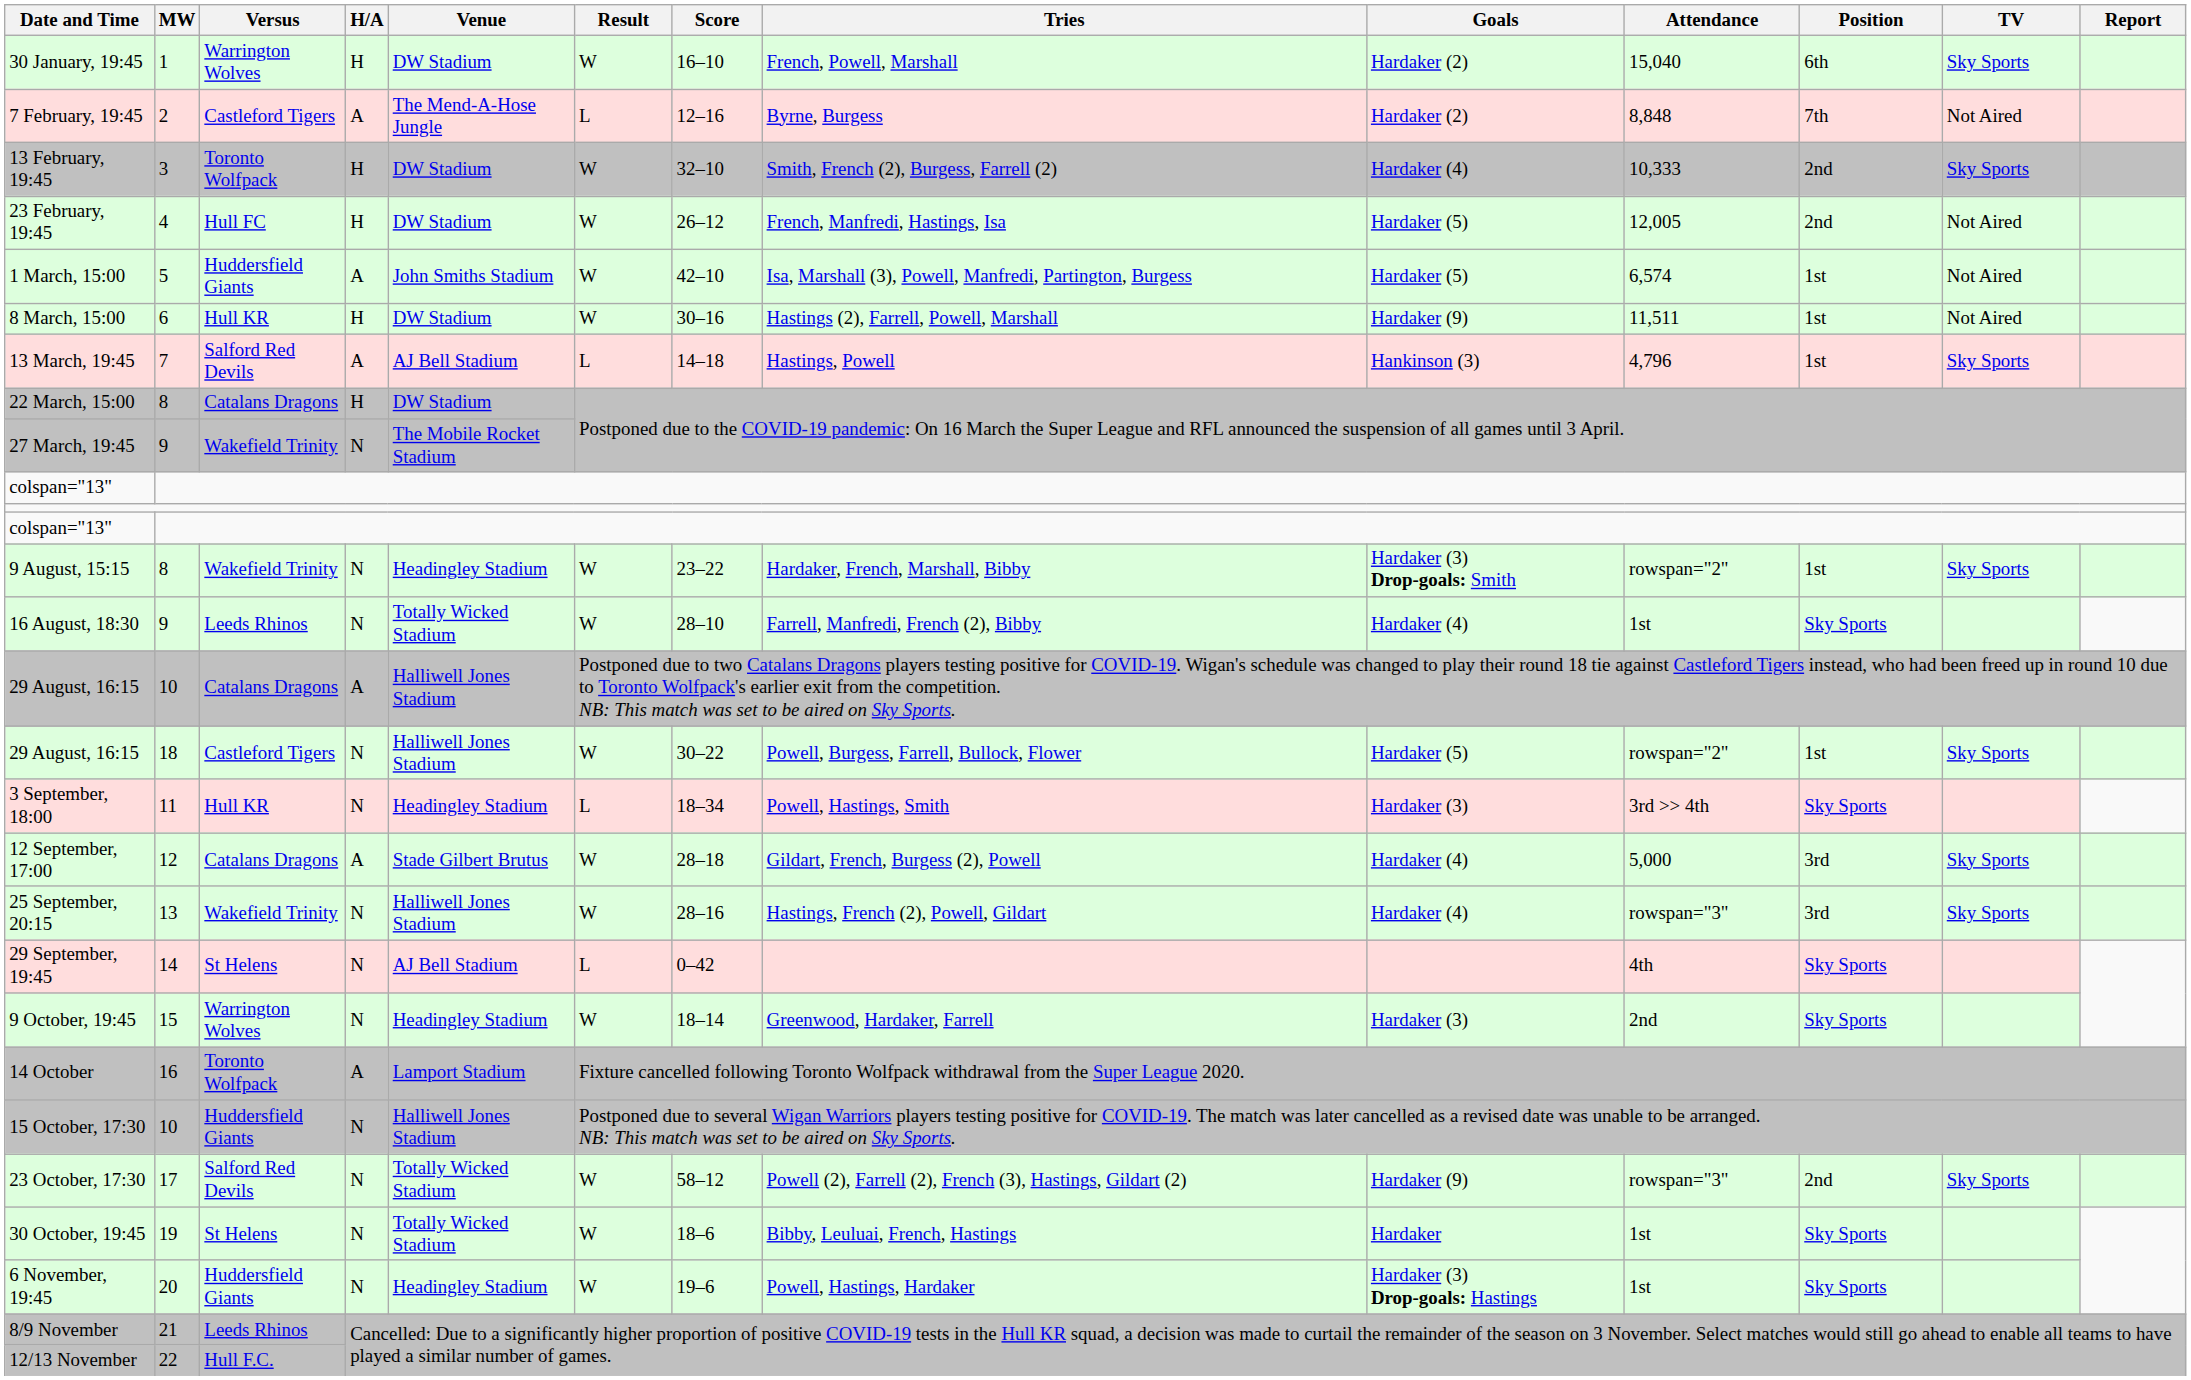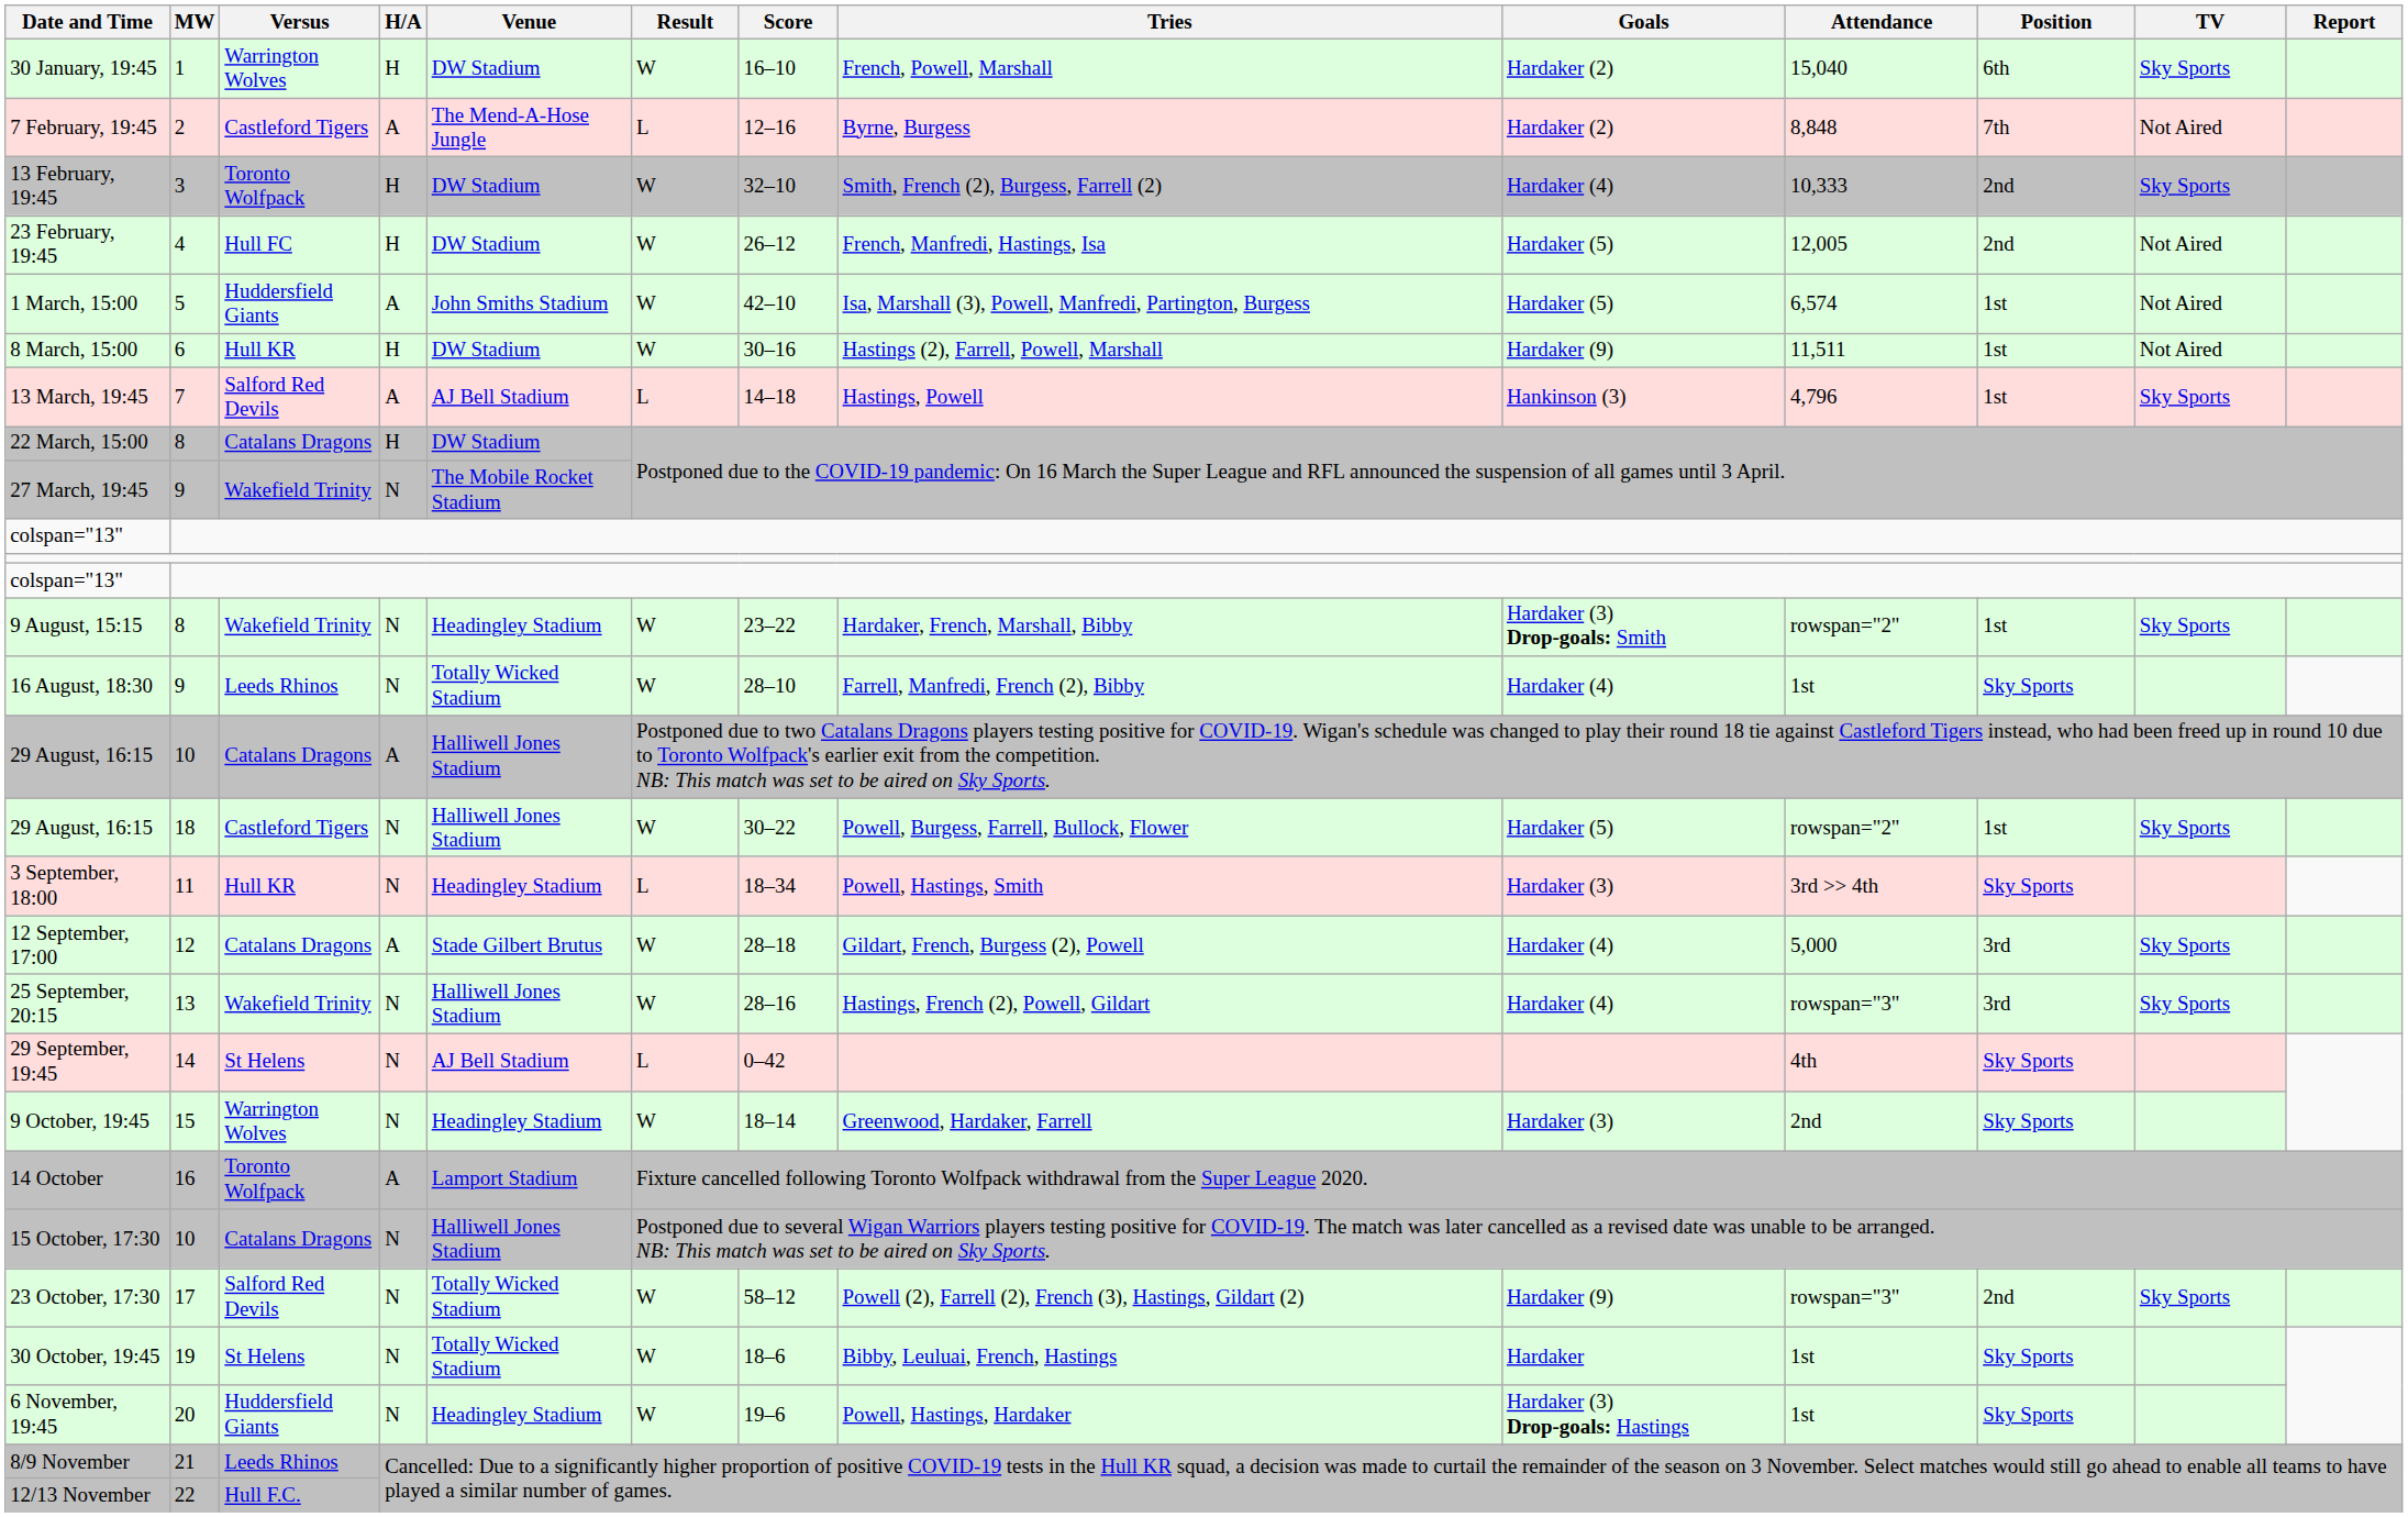 <table class="wikitable" style="font-size:85%;">
 <tr>
 <th>Date and Time</th>
 <th>MW</th>
 <th>Versus</th>
 <th>H/A</th>
 <th>Venue</th>
 <th>Result</th>
 <th>Score</th>
 <th>Tries</th>
 <th>Goals</th>
 <th>Attendance</th>
 <th>Position</th>
 <th>TV</th>
 <th>Report</th>
 </tr>
 <tr style="background:#ddffdd;" width=20 | >
 <td>30 January, 19:45</td>
 <td>1</td>
 <td> <a href='#'>Warrington Wolves</a></td>
 <td>H</td>
 <td><a href='#'>DW Stadium</a></td>
 <td>W</td>
 <td>16–10</td>
 <td><a href='#'>French</a>, <a href='#'>Powell</a>, <a href='#'>Marshall</a></td>
 <td><a href='#'>Hardaker</a> (2)</td>
 <td>15,040</td>
 <td>6th</td>
 <td><a href='#'>Sky Sports</a></td>
 <td></td>
 </tr>
 <tr style="background:#ffdddd;">
 <td>7 February, 19:45</td>
 <td>2</td>
 <td> <a href='#'>Castleford Tigers</a></td>
 <td>A</td>
 <td><a href='#'>The Mend-A-Hose Jungle</a></td>
 <td>L</td>
 <td>12–16</td>
 <td><a href='#'>Byrne</a>, <a href='#'>Burgess</a></td>
 <td><a href='#'>Hardaker</a> (2)</td>
 <td>8,848</td>
 <td>7th</td>
 <td>Not Aired</td>
 <td></td>
 </tr>
 <tr style="background:#C0C0C0;">
 <td>13 February, 19:45</td>
 <td>3</td>
 <td> <a href='#'>Toronto Wolfpack</a></td>
 <td>H</td>
 <td><a href='#'>DW Stadium</a></td>
 <td>W</td>
 <td>32–10</td>
 <td><a href='#'>Smith</a>, <a href='#'>French</a> (2), <a href='#'>Burgess</a>, <a href='#'>Farrell</a> (2)</td>
 <td><a href='#'>Hardaker</a> (4)</td>
 <td>10,333</td>
 <td>2nd</td>
 <td><a href='#'>Sky Sports</a></td>
 <td></td>
 </tr>
 <tr style="background:#ddffdd;">
 <td>23 February, 19:45</td>
 <td>4</td>
 <td> <a href='#'>Hull FC</a></td>
 <td>H</td>
 <td><a href='#'>DW Stadium</a></td>
 <td>W</td>
 <td>26–12</td>
 <td><a href='#'>French</a>, <a href='#'>Manfredi</a>, <a href='#'>Hastings</a>, <a href='#'>Isa</a></td>
 <td><a href='#'>Hardaker</a> (5)</td>
 <td>12,005</td>
 <td>2nd</td>
 <td>Not Aired</td>
 <td></td>
 </tr>
 <tr style="background:#ddffdd;">
 <td>1 March, 15:00</td>
 <td>5</td>
 <td> <a href='#'>Huddersfield Giants</a></td>
 <td>A</td>
 <td><a href='#'>John Smiths Stadium</a></td>
 <td>W</td>
 <td>42–10</td>
 <td><a href='#'>Isa</a>, <a href='#'>Marshall</a> (3), <a href='#'>Powell</a>, <a href='#'>Manfredi</a>, <a href='#'>Partington</a>, <a href='#'>Burgess</a></td>
 <td><a href='#'>Hardaker</a> (5)</td>
 <td>6,574</td>
 <td>1st</td>
 <td>Not Aired</td>
 <td></td>
 </tr>
 <tr style="background:#ddffdd;">
 <td>8 March, 15:00</td>
 <td>6</td>
 <td> <a href='#'>Hull KR</a></td>
 <td>H</td>
 <td><a href='#'>DW Stadium</a></td>
 <td>W</td>
 <td>30–16</td>
 <td><a href='#'>Hastings</a> (2), <a href='#'>Farrell</a>, <a href='#'>Powell</a>, <a href='#'>Marshall</a></td>
 <td><a href='#'>Hardaker</a> (9)</td>
 <td>11,511</td>
 <td>1st</td>
 <td>Not Aired</td>
 <td></td>
 </tr>
 <tr style="background:#ffdddd">
 <td>13 March, 19:45</td>
 <td>7</td>
 <td> <a href='#'>Salford Red Devils</a></td>
 <td>A</td>
 <td><a href='#'>AJ Bell Stadium</a></td>
 <td>L</td>
 <td>14–18</td>
 <td><a href='#'>Hastings</a>, <a href='#'>Powell</a></td>
 <td><a href='#'>Hankinson</a> (3)</td>
 <td>4,796</td>
 <td>1st</td>
 <td><a href='#'>Sky Sports</a></td>
 <td></td>
 </tr>
 <tr style="background:#C0C0C0;">
 <td>22 March, 15:00</td>
 <td>8</td>
 <td> <a href='#'>Catalans Dragons</a></td>
 <td>H</td>
 <td><a href='#'>DW Stadium</a></td>
 <td rowspan="2" colspan="8">Postponed due to the <a href='#'>COVID-19 pandemic</a>: On 16 March the Super League and RFL announced the suspension of all games until 3 April.</td>
 </tr>
 <tr style="background:#C0C0C0;">
 <td>27 March, 19:45</td>
 <td>9</td>
 <td> <a href='#'>Wakefield Trinity</a></td>
 <td>N</td>
 <td><a href='#'>The Mobile Rocket Stadium</a></td>
 </tr>
 <tr>
 <td>colspan="13"</td>
 </tr>
 <tr>
 <td colspan="13"></td>
 </tr>
 <tr>
 <td>colspan="13"</td>
 </tr>
 <tr style="background:#ddffdd;">
 <td>9 August, 15:15</td>
 <td>8</td>
 <td> <a href='#'>Wakefield Trinity</a></td>
 <td>N</td>
 <td><a href='#'>Headingley Stadium</a></td>
 <td>W</td>
 <td>23–22</td>
 <td><a href='#'>Hardaker</a>, <a href='#'>French</a>, <a href='#'>Marshall</a>, <a href='#'>Bibby</a></td>
 <td><a href='#'>Hardaker</a> (3)<br><strong>Drop-goals:</strong> <a href='#'>Smith</a></td>
 <td>rowspan="2" </td>
 <td>1st</td>
 <td><a href='#'>Sky Sports</a></td>
 <td></td>
 </tr>
 <tr style="background:#ddffdd;">
 <td>16 August, 18:30</td>
 <td>9</td>
 <td> <a href='#'>Leeds Rhinos</a></td>
 <td>N</td>
 <td><a href='#'>Totally Wicked Stadium</a></td>
 <td>W</td>
 <td>28–10</td>
 <td><a href='#'>Farrell</a>, <a href='#'>Manfredi</a>, <a href='#'>French</a> (2), <a href='#'>Bibby</a></td>
 <td><a href='#'>Hardaker</a> (4)</td>
 <td>1st</td>
 <td><a href='#'>Sky Sports</a></td>
 <td></td>
 </tr>
 <tr style="background:#C0C0C0;">
 <td>29 August, 16:15</td>
 <td>10</td>
 <td> <a href='#'>Catalans Dragons</a></td>
 <td>A</td>
 <td><a href='#'>Halliwell Jones Stadium</a></td>
 <td colspan="8">Postponed due to two <a href='#'>Catalans Dragons</a> players testing positive for <a href='#'>COVID-19</a>. Wigan's schedule was changed to play their round 18 tie against <a href='#'>Castleford Tigers</a> instead, who had been freed up in round 10 due to <a href='#'>Toronto Wolfpack</a>'s earlier exit from the competition.<br><em>NB: This match was set to be aired on <a href='#'>Sky Sports</a>.</em></td>
 </tr>
 <tr style="background:#ddffdd;">
 <td>29 August, 16:15</td>
 <td>18</td>
 <td> <a href='#'>Castleford Tigers</a></td>
 <td>N</td>
 <td><a href='#'>Halliwell Jones Stadium</a></td>
 <td>W</td>
 <td>30–22</td>
 <td><a href='#'>Powell</a>, <a href='#'>Burgess</a>, <a href='#'>Farrell</a>, <a href='#'>Bullock</a>, <a href='#'>Flower</a></td>
 <td><a href='#'>Hardaker</a> (5)</td>
 <td>rowspan="2" </td>
 <td>1st</td>
 <td><a href='#'>Sky Sports</a></td>
 <td></td>
 </tr>
 <tr style="background:#ffdddd;">
 <td>3 September, 18:00</td>
 <td>11</td>
 <td> <a href='#'>Hull KR</a></td>
 <td>N</td>
 <td><a href='#'>Headingley Stadium</a></td>
 <td>L</td>
 <td>18–34</td>
 <td><a href='#'>Powell</a>, <a href='#'>Hastings</a>, <a href='#'>Smith</a></td>
 <td><a href='#'>Hardaker</a> (3)</td>
 <td>3rd >> 4th</td>
 <td><a href='#'>Sky Sports</a></td>
 <td></td>
 </tr>
 <tr style="background:#ddffdd;">
 <td>12 September, 17:00</td>
 <td>12</td>
 <td> <a href='#'>Catalans Dragons</a></td>
 <td>A</td>
 <td><a href='#'>Stade Gilbert Brutus</a></td>
 <td>W</td>
 <td>28–18</td>
 <td><a href='#'>Gildart</a>, <a href='#'>French</a>, <a href='#'>Burgess</a> (2), <a href='#'>Powell</a></td>
 <td><a href='#'>Hardaker</a> (4)</td>
 <td>5,000</td>
 <td>3rd</td>
 <td><a href='#'>Sky Sports</a></td>
 <td></td>
 </tr>
 <tr style="background:#ddffdd;">
 <td>25 September, 20:15</td>
 <td>13</td>
 <td> <a href='#'>Wakefield Trinity</a></td>
 <td>N</td>
 <td><a href='#'>Halliwell Jones Stadium</a></td>
 <td>W</td>
 <td>28–16</td>
 <td><a href='#'>Hastings</a>, <a href='#'>French</a> (2), <a href='#'>Powell</a>, <a href='#'>Gildart</a></td>
 <td><a href='#'>Hardaker</a> (4)</td>
 <td>rowspan="3" </td>
 <td>3rd</td>
 <td><a href='#'>Sky Sports</a></td>
 <td></td>
 </tr>
 <tr style="background:#ffdddd;">
 <td>29 September, 19:45</td>
 <td>14</td>
 <td> <a href='#'>St Helens</a></td>
 <td>N</td>
 <td><a href='#'>AJ Bell Stadium</a></td>
 <td>L</td>
 <td>0–42</td>
 <td></td>
 <td></td>
 <td>4th</td>
 <td><a href='#'>Sky Sports</a></td>
 <td></td>
 </tr>
 <tr style="background:#ddffdd;">
 <td>9 October, 19:45</td>
 <td>15</td>
 <td> <a href='#'>Warrington Wolves</a></td>
 <td>N</td>
 <td><a href='#'>Headingley Stadium</a></td>
 <td>W</td>
 <td>18–14</td>
 <td><a href='#'>Greenwood</a>, <a href='#'>Hardaker</a>, <a href='#'>Farrell</a></td>
 <td><a href='#'>Hardaker</a> (3)</td>
 <td>2nd</td>
 <td><a href='#'>Sky Sports</a></td>
 <td></td>
 </tr>
 <tr style="background:#C0C0C0;">
 <td>14 October</td>
 <td>16</td>
 <td> <a href='#'>Toronto Wolfpack</a></td>
 <td>A</td>
 <td><a href='#'>Lamport Stadium</a></td>
 <td colspan="8">Fixture cancelled following Toronto Wolfpack withdrawal from the <a href='#'>Super League</a> 2020.</td>
 </tr>
 <tr style="background:#C0C0C0;">
 <td>15 October, 17:30</td>
 <td>10</td>
-<td> <a href='#'>Huddersfield Giants</a></td>
+<td> <a href='#'>Catalans Dragons</a></td>
 <td>N</td>
 <td><a href='#'>Halliwell Jones Stadium</a></td>
 <td colspan="8">Postponed due to several <a href='#'>Wigan Warriors</a> players testing positive for <a href='#'>COVID-19</a>. The match was later cancelled as a revised date was unable to be arranged.<br><em>NB: This match was set to be aired on <a href='#'>Sky Sports</a>.</em></td>
 </tr>
 <tr style="background:#ddffdd;">
 <td>23 October, 17:30</td>
 <td>17</td>
 <td> <a href='#'>Salford Red Devils</a></td>
 <td>N</td>
 <td><a href='#'>Totally Wicked Stadium</a></td>
 <td>W</td>
 <td>58–12</td>
 <td><a href='#'>Powell</a> (2), <a href='#'>Farrell</a> (2), <a href='#'>French</a> (3), <a href='#'>Hastings</a>, <a href='#'>Gildart</a> (2)</td>
 <td><a href='#'>Hardaker</a> (9)</td>
 <td>rowspan="3" </td>
 <td>2nd</td>
 <td><a href='#'>Sky Sports</a></td>
 <td></td>
 </tr>
 <tr style="background:#ddffdd;">
 <td>30 October, 19:45</td>
 <td>19</td>
 <td> <a href='#'>St Helens</a></td>
 <td>N</td>
 <td><a href='#'>Totally Wicked Stadium</a></td>
 <td>W</td>
 <td>18–6</td>
 <td><a href='#'>Bibby</a>, <a href='#'>Leuluai</a>, <a href='#'>French</a>, <a href='#'>Hastings</a></td>
 <td><a href='#'>Hardaker</a></td>
 <td>1st</td>
 <td><a href='#'>Sky Sports</a></td>
 <td></td>
 </tr>
 <tr style="background:#ddffdd;">
 <td>6 November, 19:45</td>
 <td>20</td>
 <td> <a href='#'>Huddersfield Giants</a></td>
 <td>N</td>
 <td><a href='#'>Headingley Stadium</a></td>
 <td>W</td>
 <td>19–6</td>
 <td><a href='#'>Powell</a>, <a href='#'>Hastings</a>, <a href='#'>Hardaker</a></td>
 <td><a href='#'>Hardaker</a> (3)<br><strong>Drop-goals:</strong> <a href='#'>Hastings</a></td>
 <td>1st</td>
 <td><a href='#'>Sky Sports</a></td>
 <td></td>
 </tr>
 <tr style="background:#C0C0C0;">
 <td>8/9 November</td>
 <td>21</td>
 <td> <a href='#'>Leeds Rhinos</a></td>
 <td colspan="10" rowspan="2">Cancelled: Due to a significantly higher proportion of positive <a href='#'>COVID-19</a> tests in the <a href='#'>Hull KR</a> squad, a decision was made to curtail the remainder of the season on 3 November. Select matches would still go ahead to enable all teams to have played a similar number of games.</td>
 </tr>
 <tr style="background:#C0C0C0;">
 <td>12/13 November</td>
 <td>22</td>
 <td> <a href='#'>Hull F.C.</a></td>
 </tr>
 </table>
